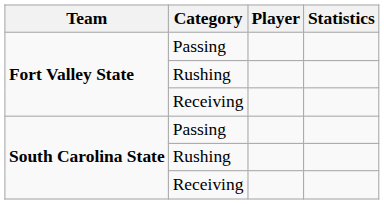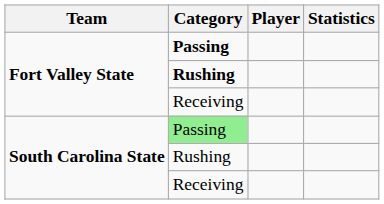 <table class="wikitable" style="float: right;">
 <tr>
 <th>Team</th>
 <th>Category</th>
 <th>Player</th>
 <th>Statistics</th>
 </tr>
 <tr>
 <td rowspan=3><strong>Fort Valley State</strong></td>
-<td>Passing</td>
+<td><strong>Passing</strong></td>
 <td></td>
 <td></td>
 </tr>
 <tr>
-<td>Rushing</td>
+<td><strong>Rushing</strong></td>
 <td></td>
 <td></td>
 </tr>
 <tr>
 <td>Receiving</td>
 <td></td>
 <td></td>
 </tr>
 <tr>
 <td rowspan=3><strong>South Carolina State</strong></td>
-<td>Passing</td>
+<td style="background: lightgreen;">Passing</td>
 <td></td>
 <td></td>
 </tr>
 <tr>
 <td>Rushing</td>
 <td></td>
 <td></td>
 </tr>
 <tr>
 <td>Receiving</td>
 <td></td>
 <td></td>
 </tr>
 </table>
